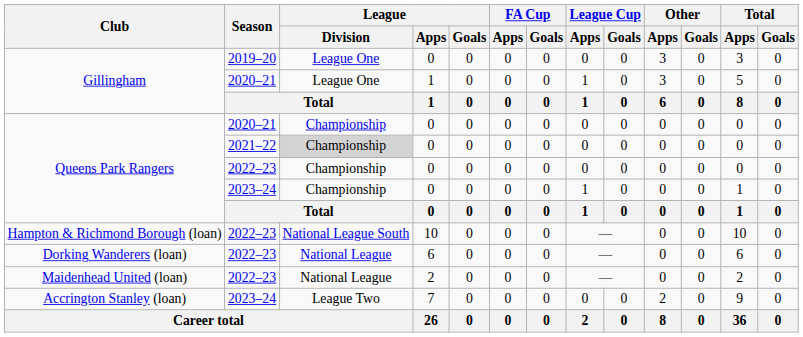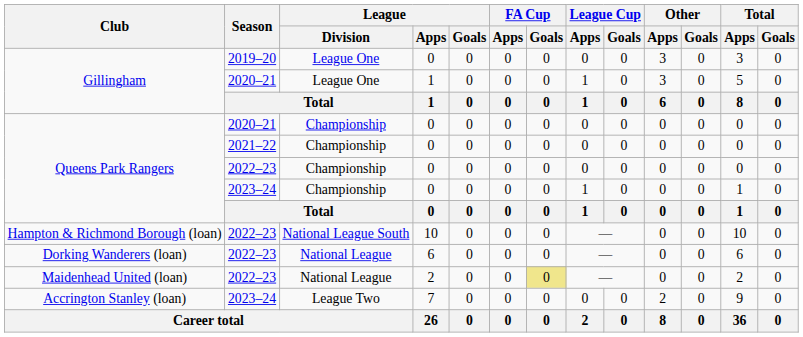 <table class="wikitable" style="text-align: center">
 <tr>
 <th rowspan="2">Club</th>
 <th rowspan="2">Season</th>
 <th colspan="3">League</th>
 <th colspan="2"><a href='#'>FA Cup</a></th>
 <th colspan="2"><a href='#'>League Cup</a></th>
 <th colspan="2">Other</th>
 <th colspan="2">Total</th>
 </tr>
 <tr>
 <th>Division</th>
 <th>Apps</th>
 <th>Goals</th>
 <th>Apps</th>
 <th>Goals</th>
 <th>Apps</th>
 <th>Goals</th>
 <th>Apps</th>
 <th>Goals</th>
 <th>Apps</th>
 <th>Goals</th>
 </tr>
 <tr>
 <td rowspan=3><a href='#'>Gillingham</a></td>
 <td><a href='#'>2019–20</a></td>
 <td><a href='#'>League One</a></td>
 <td>0</td>
 <td>0</td>
 <td>0</td>
 <td>0</td>
 <td>0</td>
 <td>0</td>
 <td>3</td>
 <td>0</td>
 <td>3</td>
 <td>0</td>
 </tr>
 <tr>
 <td><a href='#'>2020–21</a></td>
 <td>League One</td>
 <td>1</td>
 <td>0</td>
 <td>0</td>
 <td>0</td>
 <td>1</td>
 <td>0</td>
 <td>3</td>
 <td>0</td>
 <td>5</td>
 <td>0</td>
 </tr>
 <tr>
 <th colspan="2">Total</th>
 <th>1</th>
 <th>0</th>
 <th>0</th>
 <th>0</th>
 <th>1</th>
 <th>0</th>
 <th>6</th>
 <th>0</th>
 <th>8</th>
 <th>0</th>
 </tr>
 <tr>
 <td rowspan="5"><a href='#'>Queens Park Rangers</a></td>
 <td><a href='#'>2020–21</a></td>
 <td><a href='#'>Championship</a></td>
 <td>0</td>
 <td>0</td>
 <td>0</td>
 <td>0</td>
 <td>0</td>
 <td>0</td>
 <td>0</td>
 <td>0</td>
 <td>0</td>
 <td>0</td>
 </tr>
 <tr>
 <td><a href='#'>2021–22</a></td>
-<td style="background: lightgrey;">Championship</td>
+<td>Championship</td>
 <td>0</td>
 <td>0</td>
 <td>0</td>
 <td>0</td>
 <td>0</td>
 <td>0</td>
 <td>0</td>
 <td>0</td>
 <td>0</td>
 <td>0</td>
 </tr>
 <tr>
 <td><a href='#'>2022–23</a></td>
 <td>Championship</td>
 <td>0</td>
 <td>0</td>
 <td>0</td>
 <td>0</td>
 <td>0</td>
 <td>0</td>
 <td>0</td>
 <td>0</td>
 <td>0</td>
 <td>0</td>
 </tr>
 <tr>
 <td><a href='#'>2023–24</a></td>
 <td>Championship</td>
 <td>0</td>
 <td>0</td>
 <td>0</td>
 <td>0</td>
 <td>1</td>
 <td>0</td>
 <td>0</td>
 <td>0</td>
 <td>1</td>
 <td>0</td>
 </tr>
 <tr>
 <th colspan="2">Total</th>
 <th>0</th>
 <th>0</th>
 <th>0</th>
 <th>0</th>
 <th>1</th>
 <th>0</th>
 <th>0</th>
 <th>0</th>
 <th>1</th>
 <th>0</th>
 </tr>
 <tr>
 <td><a href='#'>Hampton & Richmond Borough</a> (loan)</td>
 <td><a href='#'>2022–23</a></td>
 <td><a href='#'>National League South</a></td>
 <td>10</td>
 <td>0</td>
 <td>0</td>
 <td>0</td>
 <td colspan="2">—</td>
 <td>0</td>
 <td>0</td>
 <td>10</td>
 <td>0</td>
 </tr>
 <tr>
 <td><a href='#'>Dorking Wanderers</a> (loan)</td>
 <td><a href='#'>2022–23</a></td>
 <td><a href='#'>National League</a></td>
 <td>6</td>
 <td>0</td>
 <td>0</td>
 <td>0</td>
 <td colspan="2">—</td>
 <td>0</td>
 <td>0</td>
 <td>6</td>
 <td>0</td>
 </tr>
 <tr>
 <td><a href='#'>Maidenhead United</a> (loan)</td>
 <td><a href='#'>2022–23</a></td>
 <td>National League</td>
 <td>2</td>
 <td>0</td>
 <td>0</td>
-<td>0</td>
+<td style="background: khaki;">0</td>
 <td colspan="2">—</td>
 <td>0</td>
 <td>0</td>
 <td>2</td>
 <td>0</td>
 </tr>
 <tr>
 <td><a href='#'>Accrington Stanley</a> (loan)</td>
 <td><a href='#'>2023–24</a></td>
 <td>League Two</td>
 <td>7</td>
 <td>0</td>
 <td>0</td>
 <td>0</td>
 <td>0</td>
 <td>0</td>
 <td>2</td>
 <td>0</td>
 <td>9</td>
 <td>0</td>
 </tr>
 <tr>
 <th colspan="3">Career total</th>
 <th>26</th>
 <th>0</th>
 <th>0</th>
 <th>0</th>
 <th>2</th>
 <th>0</th>
 <th>8</th>
 <th>0</th>
 <th>36</th>
 <th>0</th>
 </tr>
 </table>
